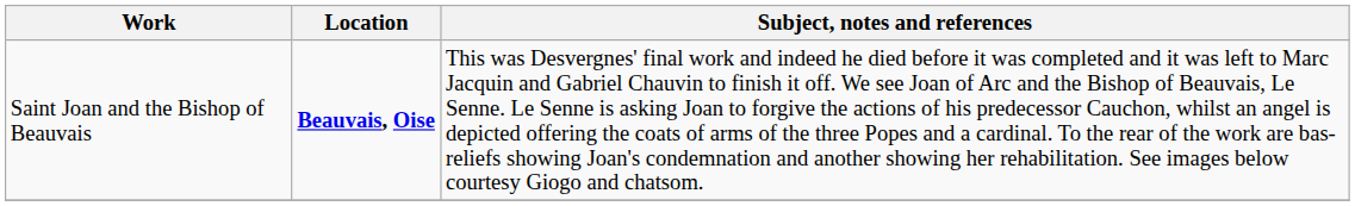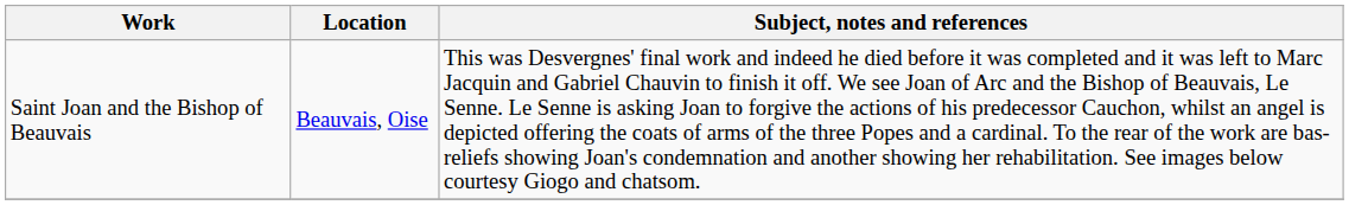 <table class="wikitable sortable">
 <tr>
 <th style="width:200px">Work</th>
 <th style="width:100px">Location</th>
 <th style="width:650px" class="unsortable">Subject, notes and references</th>
 </tr>
 <tr>
 <td>Saint Joan and the Bishop of Beauvais</td>
-<td><strong><a href='#'>Beauvais</a>, <a href='#'>Oise</a></strong></td>
+<td><a href='#'>Beauvais</a>, <a href='#'>Oise</a></td>
 <td>This was Desvergnes' final work and indeed he died before it was completed and it was left to Marc Jacquin and Gabriel Chauvin to finish it off. We see Joan of Arc and the Bishop of Beauvais, Le Senne. Le Senne is asking Joan to forgive the actions of his predecessor Cauchon, whilst an angel is depicted offering the coats of arms of the three Popes and a cardinal. To the rear of the work are bas-reliefs showing Joan's condemnation and another showing her rehabilitation. See images below courtesy Giogo and chatsom.</td>
 </tr>
 <tr>
 </tr>
 </table>
